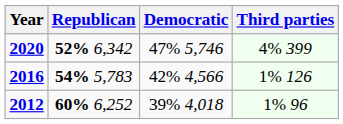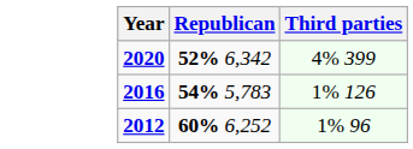 <table class="wikitable" style="float:right; font-size:95%;">
 <tr bgcolor=lightgrey>
 <th>Year</th>
 <th><a href='#'>Republican</a></th>
-<th><a href='#'>Democratic</a></th>
 <th><a href='#'>Third parties</a></th>
 </tr>
 <tr>
 <td style="text-align:center; "><strong><a href='#'>2020</a></strong></td>
 <td style="text-align:center; "><strong>52%</strong> <em>6,342</em></td>
-<td style="text-align:center; ">47% <em>5,746</em></td>
 <td style="text-align:center; background:honeyDew;">4% <em>399</em></td>
 </tr>
 <tr>
 <td style="text-align:center; "><strong><a href='#'>2016</a></strong></td>
 <td style="text-align:center; "><strong>54%</strong> <em>5,783</em></td>
-<td style="text-align:center; ">42% <em>4,566</em></td>
 <td style="text-align:center; background:honeyDew;">1% <em>126</em></td>
 </tr>
 <tr>
 <td style="text-align:center; "><strong><a href='#'>2012</a></strong></td>
 <td style="text-align:center; "><strong>60%</strong> <em>6,252</em></td>
-<td style="text-align:center; ">39% <em>4,018</em></td>
 <td style="text-align:center; background:honeyDew;">1% <em>96</em></td>
 </tr>
 </table>
